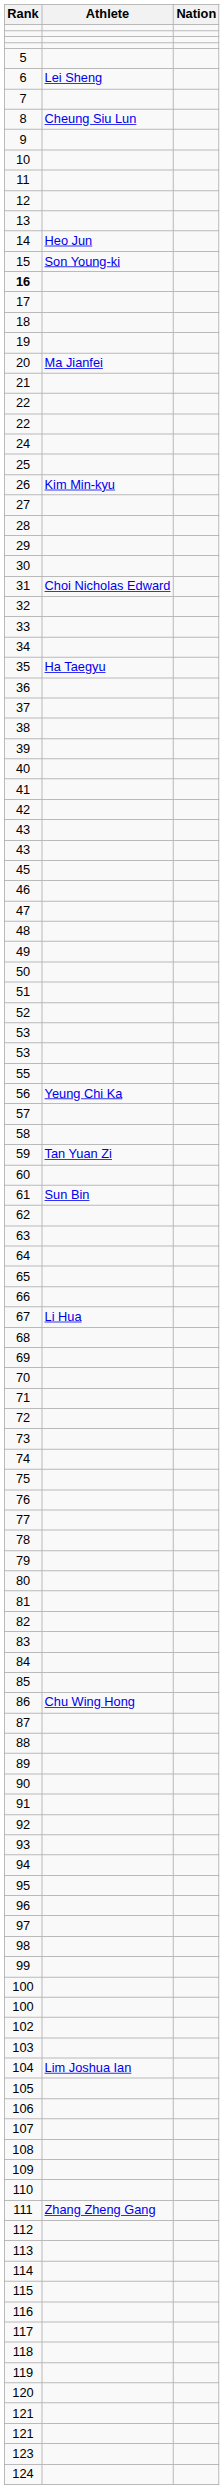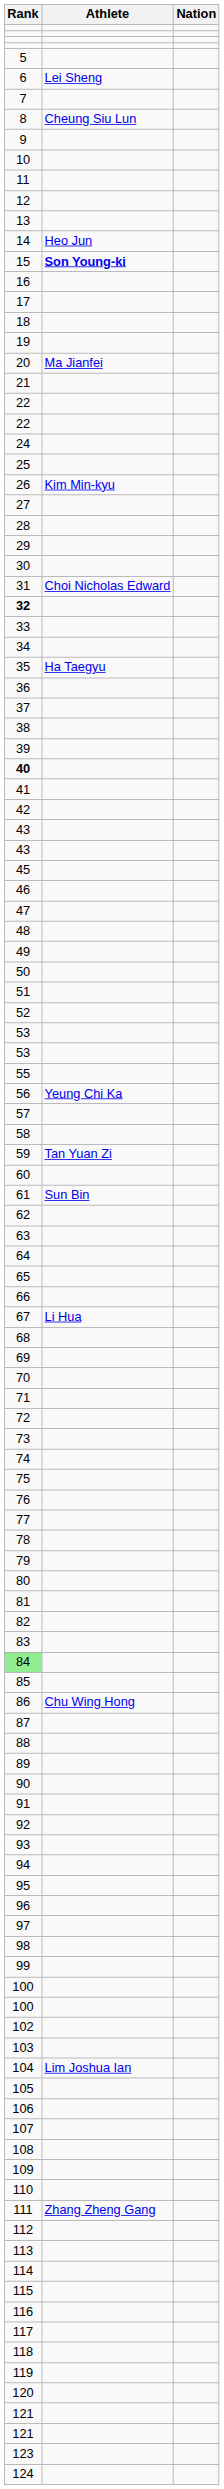 <table class="wikitable sortable" style="text-align:left">
 <tr>
 <th>Rank</th>
 <th>Athlete</th>
 <th>Nation</th>
 </tr>
 <tr>
 <td align="center"></td>
 <td></td>
 <td></td>
 </tr>
 <tr>
 <td align="center"></td>
 <td></td>
 <td></td>
 </tr>
 <tr>
 <td align="center"></td>
 <td></td>
 <td></td>
 </tr>
 <tr>
 <td align="center"></td>
 <td></td>
 <td></td>
 </tr>
 <tr>
 <td align="center">5</td>
 <td></td>
 <td></td>
 </tr>
 <tr>
 <td align="center">6</td>
 <td><a href='#'>Lei Sheng</a></td>
 <td></td>
 </tr>
 <tr>
 <td align="center">7</td>
 <td></td>
 <td></td>
 </tr>
 <tr>
 <td align="center">8</td>
 <td><a href='#'>Cheung Siu Lun</a></td>
 <td></td>
 </tr>
 <tr>
 <td align="center">9</td>
 <td></td>
 <td></td>
 </tr>
 <tr>
 <td align="center">10</td>
 <td></td>
 <td></td>
 </tr>
 <tr>
 <td align="center">11</td>
 <td></td>
 <td></td>
 </tr>
 <tr>
 <td align="center">12</td>
 <td></td>
 <td></td>
 </tr>
 <tr>
 <td align="center">13</td>
 <td></td>
 <td></td>
 </tr>
 <tr>
 <td align="center">14</td>
 <td><a href='#'>Heo Jun</a></td>
 <td></td>
 </tr>
 <tr>
 <td align="center">15</td>
-<td><a href='#'>Son Young-ki</a></td>
+<td><strong><a href='#'>Son Young-ki</a></strong></td>
 <td></td>
 </tr>
 <tr>
-<td align="center"><strong>16</strong></td>
+<td align="center">16</td>
 <td></td>
 <td></td>
 </tr>
 <tr>
 <td align="center">17</td>
 <td></td>
 <td></td>
 </tr>
 <tr>
 <td align="center">18</td>
 <td></td>
 <td></td>
 </tr>
 <tr>
 <td align="center">19</td>
 <td></td>
 <td></td>
 </tr>
 <tr>
 <td align="center">20</td>
 <td><a href='#'>Ma Jianfei</a></td>
 <td></td>
 </tr>
 <tr>
 <td align="center">21</td>
 <td></td>
 <td></td>
 </tr>
 <tr>
 <td align="center">22</td>
 <td></td>
 <td></td>
 </tr>
 <tr>
 <td align="center">22</td>
 <td></td>
 <td></td>
 </tr>
 <tr>
 <td align="center">24</td>
 <td></td>
 <td></td>
 </tr>
 <tr>
 <td align="center">25</td>
 <td></td>
 <td></td>
 </tr>
 <tr>
 <td align="center">26</td>
 <td><a href='#'>Kim Min-kyu</a></td>
 <td></td>
 </tr>
 <tr>
 <td align="center">27</td>
 <td></td>
 <td></td>
 </tr>
 <tr>
 <td align="center">28</td>
 <td></td>
 <td></td>
 </tr>
 <tr>
 <td align="center">29</td>
 <td></td>
 <td></td>
 </tr>
 <tr>
 <td align="center">30</td>
 <td></td>
 <td></td>
 </tr>
 <tr>
 <td align="center">31</td>
 <td><a href='#'>Choi Nicholas Edward</a></td>
 <td></td>
 </tr>
 <tr>
-<td align="center">32</td>
+<td align="center"><strong>32</strong></td>
 <td></td>
 <td></td>
 </tr>
 <tr>
 <td align="center">33</td>
 <td></td>
 <td></td>
 </tr>
 <tr>
 <td align="center">34</td>
 <td></td>
 <td></td>
 </tr>
 <tr>
 <td align="center">35</td>
 <td><a href='#'>Ha Taegyu</a></td>
 <td></td>
 </tr>
 <tr>
 <td align="center">36</td>
 <td></td>
 <td></td>
 </tr>
 <tr>
 <td align="center">37</td>
 <td></td>
 <td></td>
 </tr>
 <tr>
 <td align="center">38</td>
 <td></td>
 <td></td>
 </tr>
 <tr>
 <td align="center">39</td>
 <td></td>
 <td></td>
 </tr>
 <tr>
-<td align="center">40</td>
+<td align="center"><strong>40</strong></td>
 <td></td>
 <td></td>
 </tr>
 <tr>
 <td align="center">41</td>
 <td></td>
 <td></td>
 </tr>
 <tr>
 <td align="center">42</td>
 <td></td>
 <td></td>
 </tr>
 <tr>
 <td align="center">43</td>
 <td></td>
 <td></td>
 </tr>
 <tr>
 <td align="center">43</td>
 <td></td>
 <td></td>
 </tr>
 <tr>
 <td align="center">45</td>
 <td></td>
 <td></td>
 </tr>
 <tr>
 <td align="center">46</td>
 <td></td>
 <td></td>
 </tr>
 <tr>
 <td align="center">47</td>
 <td></td>
 <td></td>
 </tr>
 <tr>
 <td align="center">48</td>
 <td></td>
 <td></td>
 </tr>
 <tr>
 <td align="center">49</td>
 <td></td>
 <td></td>
 </tr>
 <tr>
 <td align="center">50</td>
 <td></td>
 <td></td>
 </tr>
 <tr>
 <td align="center">51</td>
 <td></td>
 <td></td>
 </tr>
 <tr>
 <td align="center">52</td>
 <td></td>
 <td></td>
 </tr>
 <tr>
 <td align="center">53</td>
 <td></td>
 <td></td>
 </tr>
 <tr>
 <td align="center">53</td>
 <td></td>
 <td></td>
 </tr>
 <tr>
 <td align="center">55</td>
 <td></td>
 <td></td>
 </tr>
 <tr>
 <td align="center">56</td>
 <td><a href='#'>Yeung Chi Ka</a></td>
 <td></td>
 </tr>
 <tr>
 <td align="center">57</td>
 <td></td>
 <td></td>
 </tr>
 <tr>
 <td align="center">58</td>
 <td></td>
 <td></td>
 </tr>
 <tr>
 <td align="center">59</td>
 <td><a href='#'>Tan Yuan Zi</a></td>
 <td></td>
 </tr>
 <tr>
 <td align="center">60</td>
 <td></td>
 <td></td>
 </tr>
 <tr>
 <td align="center">61</td>
 <td><a href='#'>Sun Bin</a></td>
 <td></td>
 </tr>
 <tr>
 <td align="center">62</td>
 <td></td>
 <td></td>
 </tr>
 <tr>
 <td align="center">63</td>
 <td></td>
 <td></td>
 </tr>
 <tr>
 <td align="center">64</td>
 <td></td>
 <td></td>
 </tr>
 <tr>
 <td align="center">65</td>
 <td></td>
 <td></td>
 </tr>
 <tr>
 <td align="center">66</td>
 <td></td>
 <td></td>
 </tr>
 <tr>
 <td align="center">67</td>
 <td><a href='#'>Li Hua</a></td>
 <td></td>
 </tr>
 <tr>
 <td align="center">68</td>
 <td></td>
 <td></td>
 </tr>
 <tr>
 <td align="center">69</td>
 <td></td>
 <td></td>
 </tr>
 <tr>
 <td align="center">70</td>
 <td></td>
 <td></td>
 </tr>
 <tr>
 <td align="center">71</td>
 <td></td>
 <td></td>
 </tr>
 <tr>
 <td align="center">72</td>
 <td></td>
 <td></td>
 </tr>
 <tr>
 <td align="center">73</td>
 <td></td>
 <td></td>
 </tr>
 <tr>
 <td align="center">74</td>
 <td></td>
 <td></td>
 </tr>
 <tr>
 <td align="center">75</td>
 <td></td>
 <td></td>
 </tr>
 <tr>
 <td align="center">76</td>
 <td></td>
 <td></td>
 </tr>
 <tr>
 <td align="center">77</td>
 <td></td>
 <td></td>
 </tr>
 <tr>
 <td align="center">78</td>
 <td></td>
 <td></td>
 </tr>
 <tr>
 <td align="center">79</td>
 <td></td>
 <td></td>
 </tr>
 <tr>
 <td align="center">80</td>
 <td></td>
 <td></td>
 </tr>
 <tr>
 <td align="center">81</td>
 <td></td>
 <td></td>
 </tr>
 <tr>
 <td align="center">82</td>
 <td></td>
 <td></td>
 </tr>
 <tr>
 <td align="center">83</td>
 <td></td>
 <td></td>
 </tr>
 <tr>
-<td align="center">84</td>
+<td align="center" style="background: lightgreen;">84</td>
 <td></td>
 <td></td>
 </tr>
 <tr>
 <td align="center">85</td>
 <td></td>
 <td></td>
 </tr>
 <tr>
 <td align="center">86</td>
 <td><a href='#'>Chu Wing Hong</a></td>
 <td></td>
 </tr>
 <tr>
 <td align="center">87</td>
 <td></td>
 <td></td>
 </tr>
 <tr>
 <td align="center">88</td>
 <td></td>
 <td></td>
 </tr>
 <tr>
 <td align="center">89</td>
 <td></td>
 <td></td>
 </tr>
 <tr>
 <td align="center">90</td>
 <td></td>
 <td></td>
 </tr>
 <tr>
 <td align="center">91</td>
 <td></td>
 <td></td>
 </tr>
 <tr>
 <td align="center">92</td>
 <td></td>
 <td></td>
 </tr>
 <tr>
 <td align="center">93</td>
 <td></td>
 <td></td>
 </tr>
 <tr>
 <td align="center">94</td>
 <td></td>
 <td></td>
 </tr>
 <tr>
 <td align="center">95</td>
 <td></td>
 <td></td>
 </tr>
 <tr>
 <td align="center">96</td>
 <td></td>
 <td></td>
 </tr>
 <tr>
 <td align="center">97</td>
 <td></td>
 <td></td>
 </tr>
 <tr>
 <td align="center">98</td>
 <td></td>
 <td></td>
 </tr>
 <tr>
 <td align="center">99</td>
 <td></td>
 <td></td>
 </tr>
 <tr>
 <td align="center">100</td>
 <td></td>
 <td></td>
 </tr>
 <tr>
 <td align="center">100</td>
 <td></td>
 <td></td>
 </tr>
 <tr>
 <td align="center">102</td>
 <td></td>
 <td></td>
 </tr>
 <tr>
 <td align="center">103</td>
 <td></td>
 <td></td>
 </tr>
 <tr>
 <td align="center">104</td>
 <td><a href='#'>Lim Joshua Ian</a></td>
 <td></td>
 </tr>
 <tr>
 <td align="center">105</td>
 <td></td>
 <td></td>
 </tr>
 <tr>
 <td align="center">106</td>
 <td></td>
 <td></td>
 </tr>
 <tr>
 <td align="center">107</td>
 <td></td>
 <td></td>
 </tr>
 <tr>
 <td align="center">108</td>
 <td></td>
 <td></td>
 </tr>
 <tr>
 <td align="center">109</td>
 <td></td>
 <td></td>
 </tr>
 <tr>
 <td align="center">110</td>
 <td></td>
 <td></td>
 </tr>
 <tr>
 <td align="center">111</td>
 <td><a href='#'>Zhang Zheng Gang</a></td>
 <td></td>
 </tr>
 <tr>
 <td align="center">112</td>
 <td></td>
 <td></td>
 </tr>
 <tr>
 <td align="center">113</td>
 <td></td>
 <td></td>
 </tr>
 <tr>
 <td align="center">114</td>
 <td></td>
 <td></td>
 </tr>
 <tr>
 <td align="center">115</td>
 <td></td>
 <td></td>
 </tr>
 <tr>
 <td align="center">116</td>
 <td></td>
 <td></td>
 </tr>
 <tr>
 <td align="center">117</td>
 <td></td>
 <td></td>
 </tr>
 <tr>
 <td align="center">118</td>
 <td></td>
 <td></td>
 </tr>
 <tr>
 <td align="center">119</td>
 <td></td>
 <td></td>
 </tr>
 <tr>
 <td align="center">120</td>
 <td></td>
 <td></td>
 </tr>
 <tr>
 <td align="center">121</td>
 <td></td>
 <td></td>
 </tr>
 <tr>
 <td align="center">121</td>
 <td></td>
 <td></td>
 </tr>
 <tr>
 <td align="center">123</td>
 <td></td>
 <td></td>
 </tr>
 <tr>
 <td align="center">124</td>
 <td></td>
 <td></td>
 </tr>
 </table>
